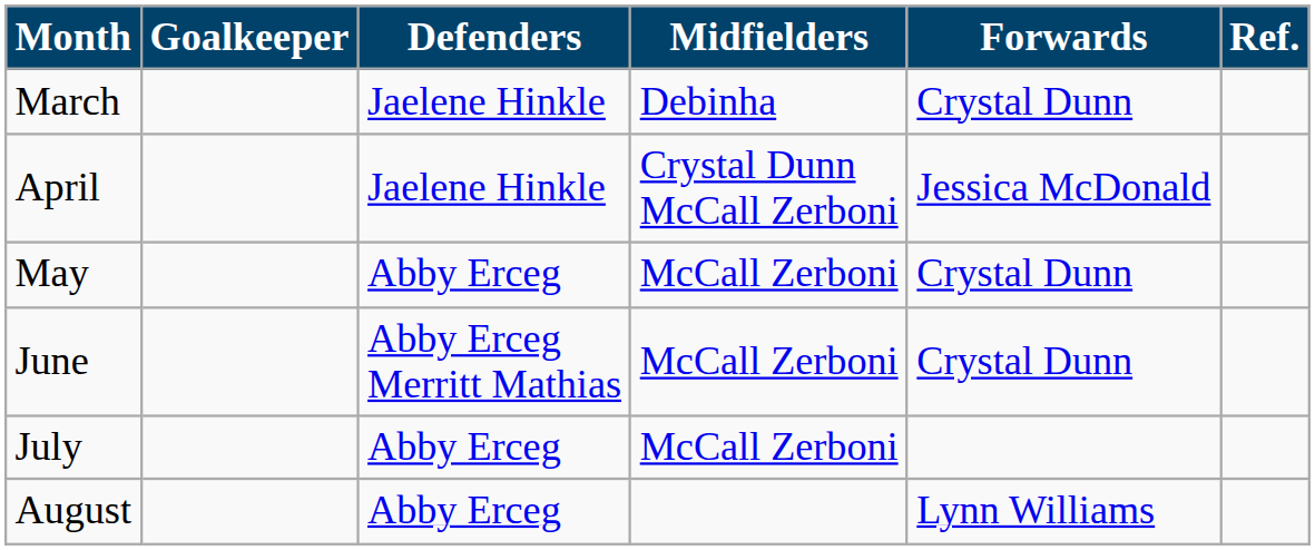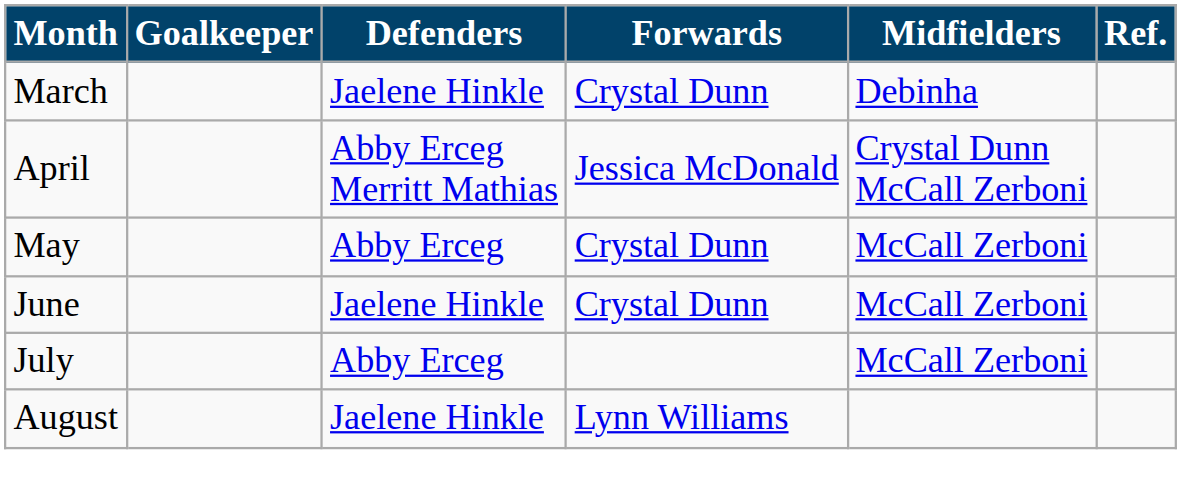 <table class="wikitable">
 <tr>
 <th style="background:#01426A; color:white;">Month</th>
 <th style="background:#01426A; color:white;">Goalkeeper</th>
 <th style="background:#01426A; color:white;">Defenders</th>
+<th style="background:#01426A; color:white;">Forwards</th>
 <th style="background:#01426A; color:white;">Midfielders</th>
-<th style="background:#01426A; color:white;">Forwards</th>
 <th style="background:#01426A; color:white;">Ref.</th>
 </tr>
 <tr>
 <td>March</td>
 <td></td>
 <td> <a href='#'>Jaelene Hinkle</a></td>
+<td> <a href='#'>Crystal Dunn</a></td>
 <td> <a href='#'>Debinha</a></td>
-<td> <a href='#'>Crystal Dunn</a></td>
 <td></td>
 </tr>
 <tr>
 <td>April</td>
 <td></td>
-<td> <a href='#'>Jaelene Hinkle</a></td>
+<td> <a href='#'>Abby Erceg</a> <br>  <a href='#'>Merritt Mathias</a></td>
+<td> <a href='#'>Jessica McDonald</a></td>
 <td> <a href='#'>Crystal Dunn</a> <br>  <a href='#'>McCall Zerboni</a></td>
-<td> <a href='#'>Jessica McDonald</a></td>
 <td></td>
 </tr>
 <tr>
 <td>May</td>
 <td></td>
 <td> <a href='#'>Abby Erceg</a></td>
+<td> <a href='#'>Crystal Dunn</a></td>
 <td> <a href='#'>McCall Zerboni</a></td>
-<td> <a href='#'>Crystal Dunn</a></td>
 <td></td>
 </tr>
 <tr>
 <td>June</td>
 <td></td>
-<td> <a href='#'>Abby Erceg</a> <br>  <a href='#'>Merritt Mathias</a></td>
+<td> <a href='#'>Jaelene Hinkle</a></td>
+<td> <a href='#'>Crystal Dunn</a></td>
 <td> <a href='#'>McCall Zerboni</a></td>
-<td> <a href='#'>Crystal Dunn</a></td>
 <td></td>
 </tr>
 <tr>
 <td>July</td>
 <td></td>
 <td> <a href='#'>Abby Erceg</a></td>
+<td></td>
 <td> <a href='#'>McCall Zerboni</a></td>
-<td></td>
 <td></td>
 </tr>
 <tr>
 <td>August</td>
 <td></td>
-<td> <a href='#'>Abby Erceg</a></td>
+<td> <a href='#'>Jaelene Hinkle</a></td>
+<td> <a href='#'>Lynn Williams</a></td>
 <td></td>
-<td> <a href='#'>Lynn Williams</a></td>
 <td></td>
 </tr>
 </table>
